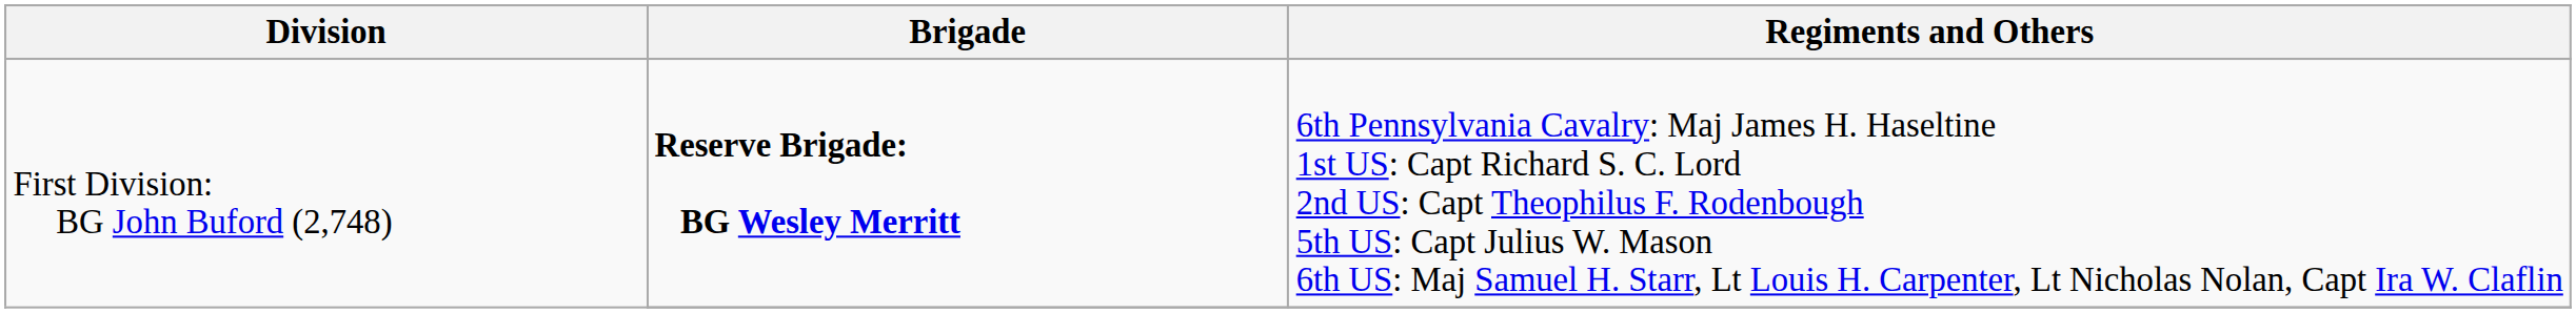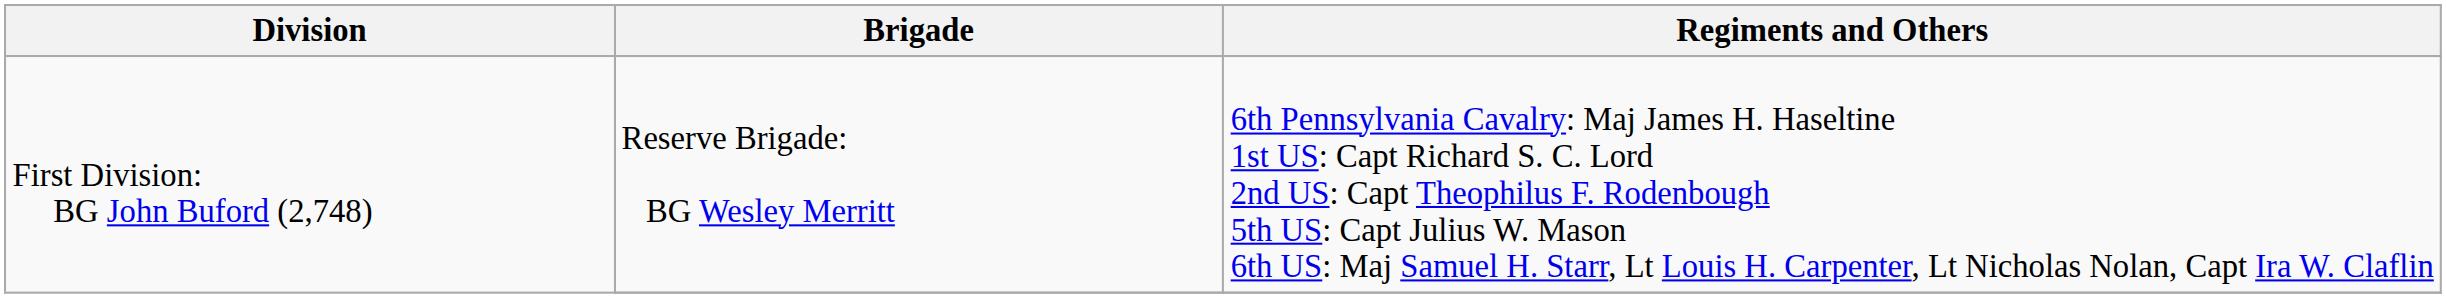 <table class="wikitable">
 <tr>
 <th width=25%>Division</th>
 <th width=25%>Brigade</th>
 <th>Regiments and Others</th>
 </tr>
 <tr>
 <td rowspan=3><br>First Division: <br>     BG <a href='#'>John Buford</a> (2,748)</td>
 </tr>
 <tr>
-<td><strong>Reserve Brigade:<br><br>   BG <a href='#'>Wesley Merritt</a></strong></td>
+<td>Reserve Brigade:<br><br>   BG <a href='#'>Wesley Merritt</a></td>
 <td><br><a href='#'>6th Pennsylvania Cavalry</a>: Maj James H. Haseltine <br> <a href='#'>1st US</a>: Capt Richard S. C. Lord <br> <a href='#'>2nd US</a>: Capt <a href='#'>Theophilus F. Rodenbough</a> <br> <a href='#'>5th US</a>: Capt Julius W. Mason <br> <a href='#'>6th US</a>: Maj <a href='#'>Samuel H. Starr</a>, Lt <a href='#'>Louis H. Carpenter</a>, Lt Nicholas Nolan, Capt <a href='#'>Ira W. Claflin</a></td>
 </tr>
 <tr>
 </tr>
 </table>
